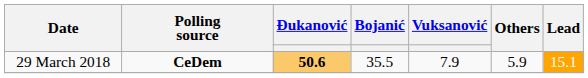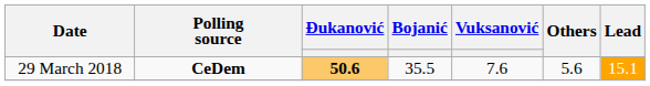 <table class="wikitable collapsible" style="text-align:center; font-size:100%; line-height:14px;">
 <tr style="height:42px;">
 <th style="width:115px;" rowspan="2">Date</th>
 <th style="width:150px;" rowspan="2">Polling<br>source</th>
 <th style="width:45px;"><a href='#'>Đukanović</a></th>
 <th style="width:45px;"><a href='#'>Bojanić</a></th>
 <th style="width:45px;"><a href='#'>Vuksanović</a></th>
 <th style="width:45px;" rowspan="2">Others</th>
 <th style="width:25px;" rowspan="2">Lead</th>
 </tr>
 <tr>
 <th style="color:inherit;background:"></th>
 <th style="color:inherit;background:"></th>
 <th style="color:inherit;background:"></th>
 </tr>
 <tr>
 <td>29 March 2018</td>
 <td><strong>CeDem</strong></td>
 <td style="background:#fbc86a"><strong>50.6</strong></td>
 <td>35.5</td>
-<td>7.9</td>
-<td>5.9</td>
+<td>7.6</td>
+<td>5.6</td>
 <td style="background:orange; color:white;">15.1</td>
 </tr>
 <tr>
 </tr>
 </table>
